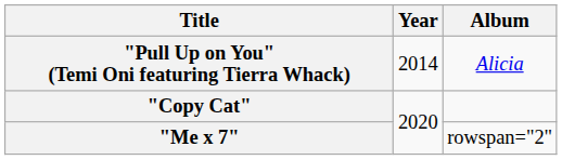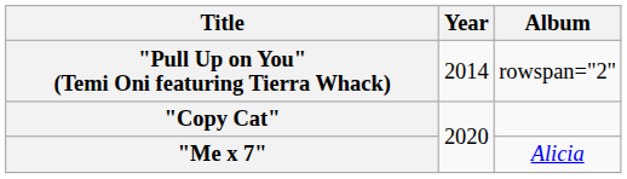 <table class="wikitable plainrowheaders" style="text-align:center;">
 <tr>
 <th scope="col" style="width:19em;">Title</th>
 <th scope="col">Year</th>
 <th scope="col">Album</th>
 </tr>
 <tr>
 <th scope="row">"Pull Up on You"<br><span>(Temi Oni featuring Tierra Whack)</span></th>
 <td>2014</td>
-<td><em><a href='#'>Alicia</a></em></td>
+<td>rowspan="2" </td>
 </tr>
 <tr>
 <th scope="row">"Copy Cat"<br></th>
 <td rowspan="2">2020</td>
 </tr>
 <tr>
 <th scope="row">"Me x 7"<br></th>
-<td>rowspan="2" </td>
+<td><em><a href='#'>Alicia</a></em></td>
 </tr>
 </table>
